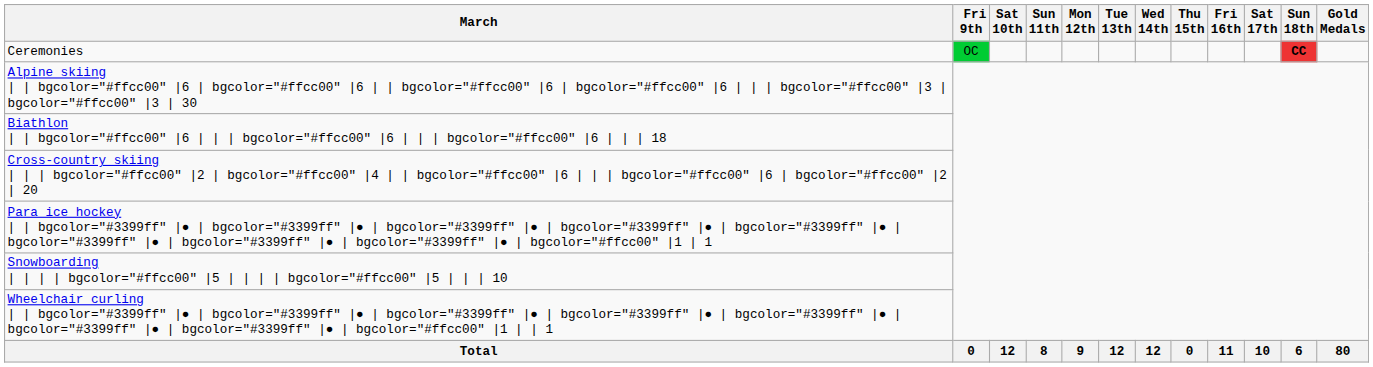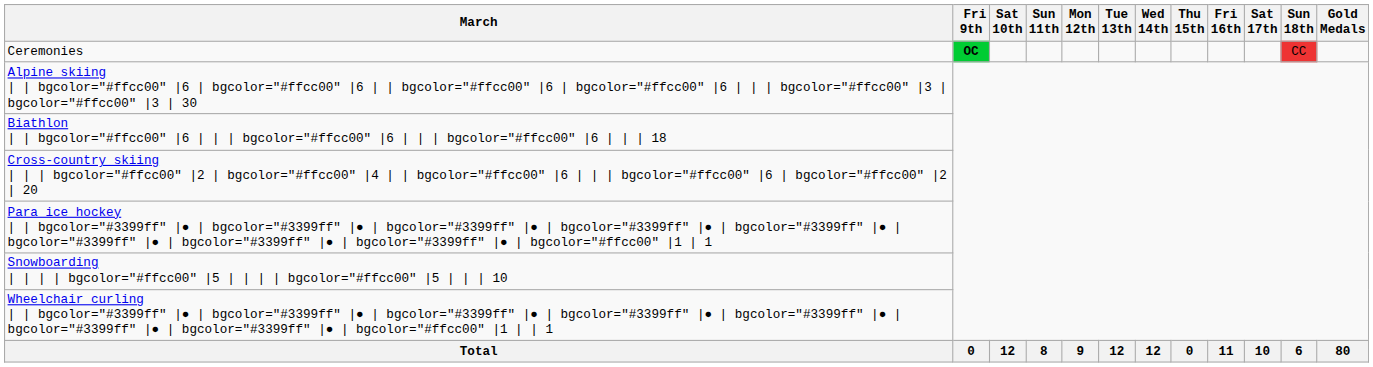 <table class="wikitable" style="margin:0.5em auto;font-size:90%;">
 <tr>
 <th>March</th>
 <th> Fri<br>9th</th>
 <th>Sat<br>10th</th>
 <th>Sun<br>11th</th>
 <th>Mon<br>12th</th>
 <th>Tue<br>13th</th>
 <th>Wed<br>14th</th>
 <th>Thu<br>15th</th>
 <th>Fri<br>16th</th>
 <th>Sat<br>17th</th>
 <th>Sun<br>18th</th>
 <th>Gold<br>Medals</th>
 </tr>
 <tr align="center">
 <td style="text-align:left;">Ceremonies</td>
-<td bgcolor="#00cc33">OC</td>
+<td bgcolor="#00cc33"><strong>OC</strong></td>
 <td></td>
 <td></td>
 <td></td>
 <td></td>
 <td></td>
 <td></td>
 <td></td>
 <td></td>
-<td bgcolor="#ee3333"><strong>CC</strong></td>
+<td bgcolor="#ee3333">CC</td>
 <td></td>
 </tr>
 <tr align="center">
 <td style="text-align:left;"><a href='#'>Alpine skiing</a><br>| | bgcolor="#ffcc00" |6 | bgcolor="#ffcc00" |6 | | bgcolor="#ffcc00" |6 | bgcolor="#ffcc00" |6 |   | | bgcolor="#ffcc00" |3 | bgcolor="#ffcc00" |3  | 30</td>
 </tr>
 <tr align="center">
 <td style="text-align:left;"><a href='#'>Biathlon</a><br>| | bgcolor="#ffcc00" |6 | | | bgcolor="#ffcc00" |6 | | | bgcolor="#ffcc00" |6 | | | 18</td>
 </tr>
 <tr align="center">
 <td style="text-align:left;"><a href='#'>Cross-country skiing</a><br>| | | bgcolor="#ffcc00" |2 | bgcolor="#ffcc00" |4 | | bgcolor="#ffcc00" |6 | | | bgcolor="#ffcc00" |6 | bgcolor="#ffcc00" |2 | 20</td>
 </tr>
 <tr align="center">
 <td style="text-align:left;"><a href='#'>Para ice hockey</a><br>| | bgcolor="#3399ff" |● | bgcolor="#3399ff" |● | bgcolor="#3399ff" |● | bgcolor="#3399ff" |● | bgcolor="#3399ff" |● | bgcolor="#3399ff" |● | bgcolor="#3399ff" |● | bgcolor="#3399ff" |● | bgcolor="#ffcc00" |1 | 1</td>
 </tr>
 <tr align="center">
 <td style="text-align:left;"><a href='#'>Snowboarding</a><br>| | | | bgcolor="#ffcc00" |5 | | | | bgcolor="#ffcc00" |5 | | | 10</td>
 </tr>
 <tr align="center">
 <td style="text-align:left;"><a href='#'>Wheelchair curling</a><br>| | bgcolor="#3399ff" |● | bgcolor="#3399ff" |● | bgcolor="#3399ff" |● | bgcolor="#3399ff" |● | bgcolor="#3399ff" |● | bgcolor="#3399ff" |● | bgcolor="#3399ff" |● | bgcolor="#ffcc00" |1 | | 1</td>
 </tr>
 <tr align="center">
 <th><strong>Total</strong></th>
 <th>0</th>
 <th>12</th>
 <th>8</th>
 <th>9</th>
 <th>12</th>
 <th>12</th>
 <th>0</th>
 <th>11</th>
 <th>10</th>
 <th>6</th>
 <th>80</th>
 </tr>
 </table>
